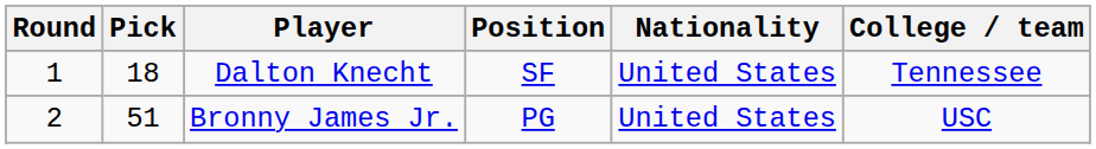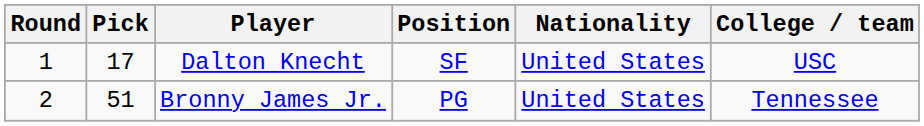 <table class="wikitable sortable sortable">
 <tr>
 <th>Round</th>
 <th>Pick</th>
 <th>Player</th>
 <th>Position</th>
 <th>Nationality</th>
 <th>College / team</th>
 </tr>
 <tr style="text-align: center">
 <td>1</td>
-<td>18</td>
+<td>17</td>
 <td><a href='#'>Dalton Knecht</a></td>
 <td><a href='#'>SF</a></td>
 <td> <a href='#'>United States</a></td>
-<td><a href='#'>Tennessee</a></td>
+<td><a href='#'>USC</a></td>
 </tr>
 <tr style="text-align: center">
 <td>2</td>
 <td>51</td>
 <td><a href='#'>Bronny James Jr.</a></td>
 <td><a href='#'>PG</a></td>
 <td> <a href='#'>United States</a></td>
-<td><a href='#'>USC</a></td>
+<td><a href='#'>Tennessee</a></td>
 </tr>
 </table>
